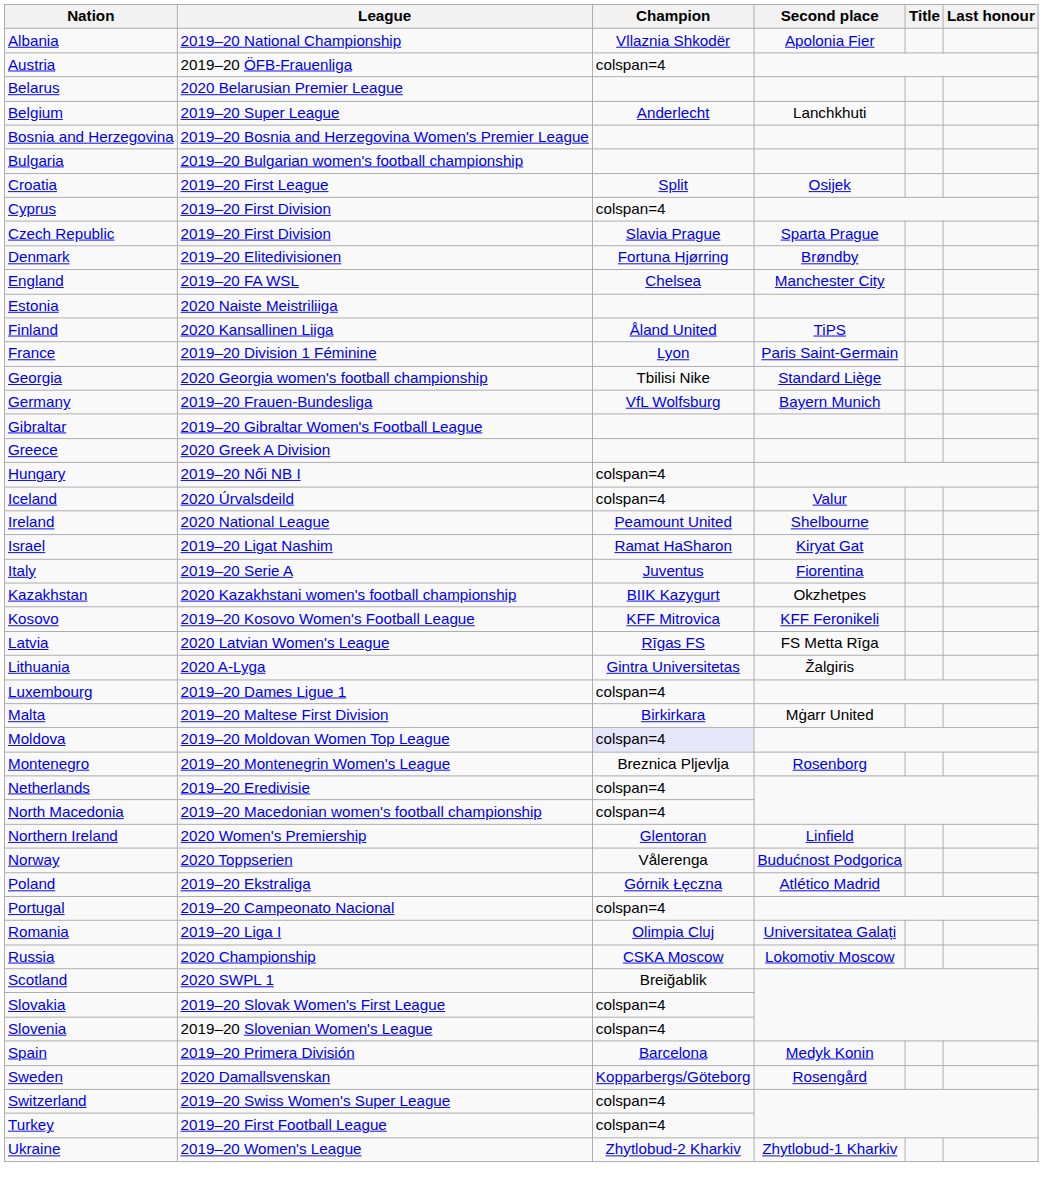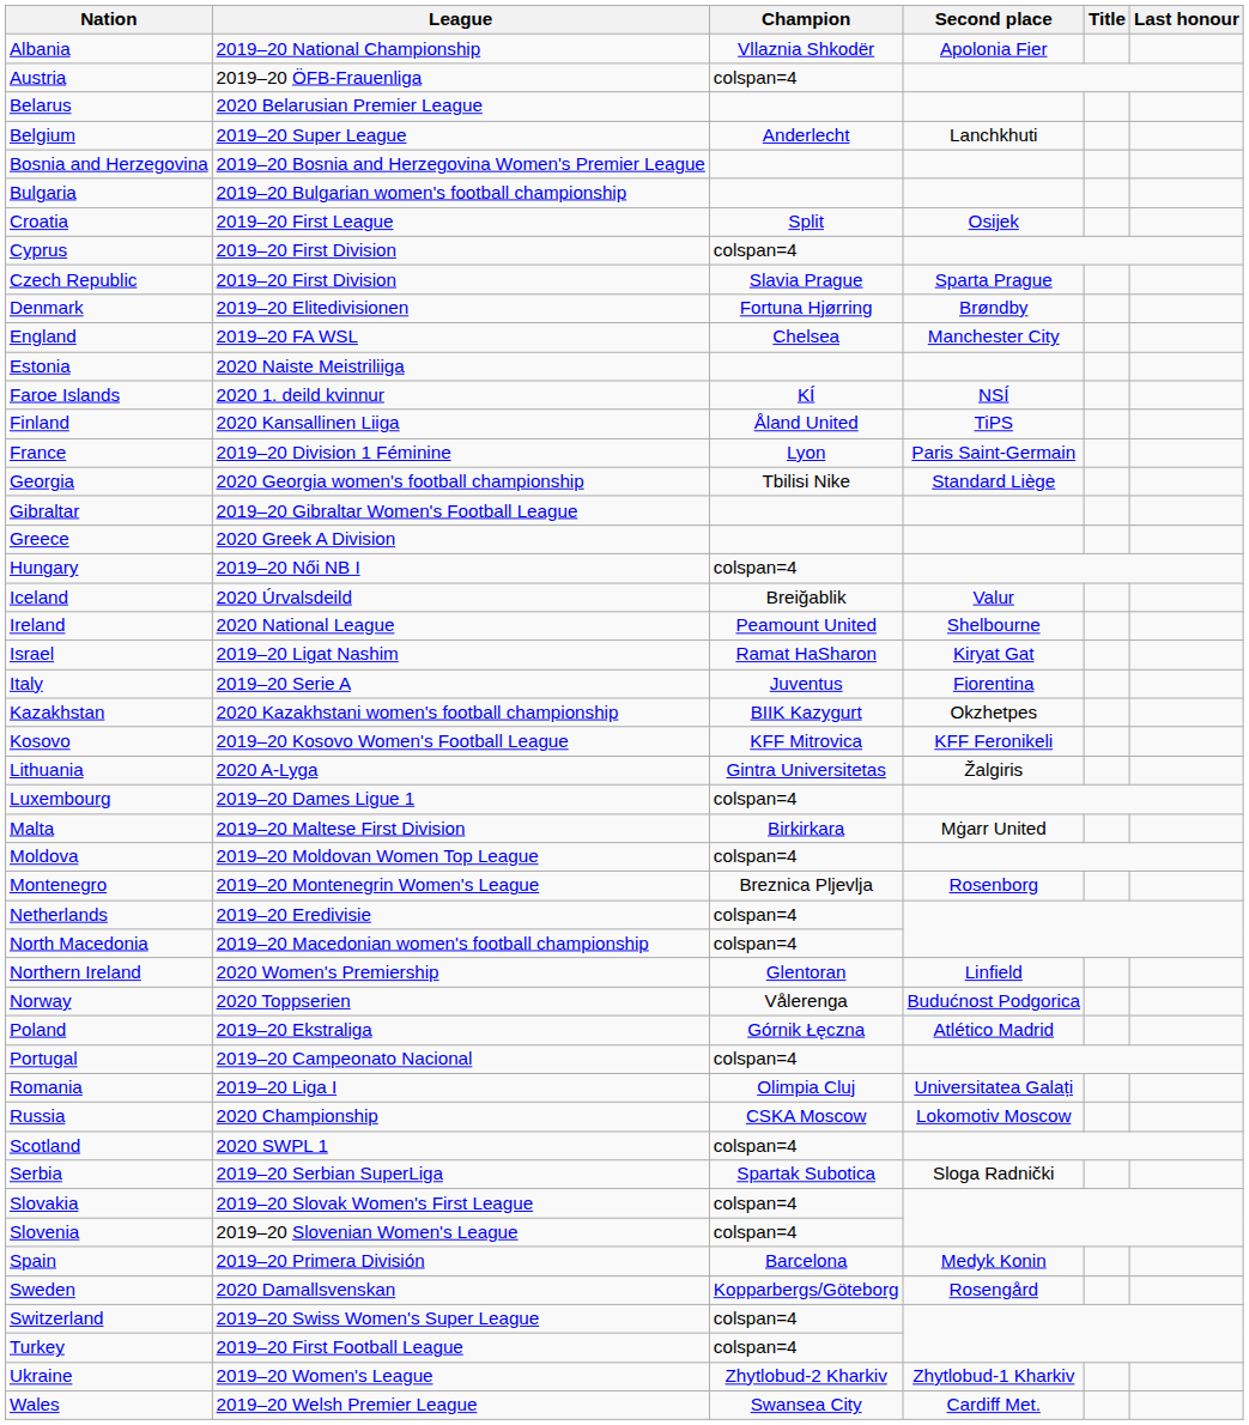 <table class="wikitable sortable">
 <tr>
 <th>Nation</th>
 <th>League</th>
 <th>Champion</th>
 <th>Second place</th>
 <th data-sort-type="number">Title</th>
 <th>Last honour</th>
 </tr>
 <tr>
 <td> <a href='#'>Albania</a></td>
 <td><a href='#'>2019–20 National Championship</a></td>
 <td align=center><a href='#'>Vllaznia Shkodër</a></td>
 <td align=center><a href='#'>Apolonia Fier</a></td>
 <td></td>
 <td></td>
 </tr>
 <tr>
 <td> <a href='#'>Austria</a></td>
 <td>2019–20 <a href='#'>ÖFB-Frauenliga</a></td>
 <td>colspan=4 </td>
 </tr>
 <tr>
 <td> <a href='#'>Belarus</a></td>
 <td><a href='#'>2020 Belarusian Premier League</a></td>
 <td></td>
 <td></td>
 <td></td>
 <td></td>
 </tr>
 <tr>
 <td> <a href='#'>Belgium</a></td>
 <td><a href='#'>2019–20 Super League</a></td>
 <td align=center><a href='#'>Anderlecht</a></td>
 <td align=center>Lanchkhuti</td>
 <td></td>
 <td></td>
 </tr>
 <tr>
 <td> <a href='#'>Bosnia and Herzegovina</a></td>
 <td><a href='#'>2019–20 Bosnia and Herzegovina Women's Premier League</a></td>
 <td></td>
 <td></td>
 <td></td>
 <td></td>
 </tr>
 <tr>
 <td> <a href='#'>Bulgaria</a></td>
 <td><a href='#'>2019–20 Bulgarian women's football championship</a></td>
 <td></td>
 <td></td>
 <td></td>
 <td></td>
 </tr>
 <tr>
 <td> <a href='#'>Croatia</a></td>
 <td><a href='#'>2019–20 First League</a></td>
 <td align=center><a href='#'>Split</a></td>
 <td align=center><a href='#'>Osijek</a></td>
 <td></td>
 <td></td>
 </tr>
 <tr>
 <td> <a href='#'>Cyprus</a></td>
 <td><a href='#'>2019–20 First Division</a></td>
 <td>colspan=4 </td>
 </tr>
 <tr>
 <td> <a href='#'>Czech Republic</a></td>
 <td><a href='#'>2019–20 First Division</a></td>
 <td align=center><a href='#'>Slavia Prague</a></td>
 <td align=center><a href='#'>Sparta Prague</a></td>
 <td></td>
 <td></td>
 </tr>
 <tr>
 <td> <a href='#'>Denmark</a></td>
 <td><a href='#'>2019–20 Elitedivisionen</a></td>
 <td align=center><a href='#'>Fortuna Hjørring</a></td>
 <td align=center><a href='#'>Brøndby</a></td>
 <td></td>
 <td></td>
 </tr>
 <tr>
 <td> <a href='#'>England</a></td>
 <td><a href='#'>2019–20 FA WSL</a></td>
 <td align=center><a href='#'>Chelsea</a></td>
 <td align=center><a href='#'>Manchester City</a></td>
 <td></td>
 <td></td>
 </tr>
 <tr>
 <td align=left> <a href='#'>Estonia</a></td>
 <td align=left><a href='#'>2020 Naiste Meistriliiga</a></td>
 <td></td>
 <td></td>
 <td></td>
 <td></td>
 </tr>
 <tr>
+<td> <a href='#'>Faroe Islands</a></td>
+<td><a href='#'>2020 1. deild kvinnur</a></td>
+<td align=center><a href='#'>KÍ</a></td>
+<td align=center><a href='#'>NSÍ</a></td>
+<td></td>
+<td></td>
+</tr>
+<tr>
 <td> <a href='#'>Finland</a></td>
 <td><a href='#'>2020 Kansallinen Liiga</a></td>
 <td align=center><a href='#'>Åland United</a></td>
 <td align=center><a href='#'>TiPS</a></td>
 <td></td>
 <td></td>
 </tr>
 <tr>
 <td> <a href='#'>France</a></td>
 <td><a href='#'>2019–20 Division 1 Féminine</a></td>
 <td align=center><a href='#'>Lyon</a></td>
 <td align=center><a href='#'>Paris Saint-Germain</a></td>
 <td></td>
 <td></td>
 </tr>
 <tr>
 <td> <a href='#'>Georgia</a></td>
 <td><a href='#'>2020 Georgia women's football championship</a></td>
 <td align=center>Tbilisi Nike</td>
 <td align=center><a href='#'>Standard Liège</a></td>
-<td></td>
-<td></td>
-</tr>
-<tr>
-<td> <a href='#'>Germany</a></td>
-<td><a href='#'>2019–20 Frauen-Bundesliga</a></td>
-<td align=center><a href='#'>VfL Wolfsburg</a></td>
-<td align=center><a href='#'>Bayern Munich</a></td>
 <td></td>
 <td></td>
 </tr>
 <tr>
 <td> <a href='#'>Gibraltar</a></td>
 <td><a href='#'>2019–20 Gibraltar Women's Football League</a></td>
 <td></td>
 <td></td>
 <td></td>
 <td></td>
 </tr>
 <tr>
 <td> <a href='#'>Greece</a></td>
 <td><a href='#'>2020 Greek A Division</a></td>
 <td></td>
 <td></td>
 <td></td>
 <td></td>
 </tr>
 <tr>
 <td> <a href='#'>Hungary</a></td>
 <td><a href='#'>2019–20 Női NB I</a></td>
 <td>colspan=4 </td>
 </tr>
 <tr>
 <td> <a href='#'>Iceland</a></td>
 <td><a href='#'>2020 Úrvalsdeild</a></td>
-<td>colspan=4 </td>
+<td align=center>Breiğablik</td>
 <td align=center><a href='#'>Valur</a></td>
 <td></td>
 <td></td>
 </tr>
 <tr>
 <td> <a href='#'>Ireland</a></td>
 <td><a href='#'>2020 National League</a></td>
 <td align=center><a href='#'>Peamount United</a></td>
 <td align=center><a href='#'>Shelbourne</a></td>
 <td></td>
 <td></td>
 </tr>
 <tr>
 <td> <a href='#'>Israel</a></td>
 <td><a href='#'>2019–20 Ligat Nashim</a></td>
 <td align=center><a href='#'>Ramat HaSharon</a></td>
 <td align=center><a href='#'>Kiryat Gat</a></td>
 <td></td>
 <td></td>
 </tr>
 <tr>
 <td> <a href='#'>Italy</a></td>
 <td><a href='#'>2019–20 Serie A</a></td>
 <td align=center><a href='#'>Juventus</a></td>
 <td align=center><a href='#'>Fiorentina</a></td>
 <td></td>
 <td></td>
 </tr>
 <tr>
 <td> <a href='#'>Kazakhstan</a></td>
 <td><a href='#'>2020 Kazakhstani women's football championship</a></td>
 <td align=center><a href='#'>BIIK Kazygurt</a></td>
 <td align=center>Okzhetpes</td>
 <td></td>
 <td></td>
 </tr>
 <tr>
 <td> <a href='#'>Kosovo</a></td>
 <td><a href='#'>2019–20 Kosovo Women's Football League</a></td>
 <td align=center><a href='#'>KFF Mitrovica</a></td>
 <td align=center><a href='#'>KFF Feronikeli</a></td>
 <td></td>
 <td></td>
 </tr>
 <tr>
-<td> <a href='#'>Latvia</a></td>
-<td><a href='#'>2020 Latvian Women's League</a></td>
-<td align=center><a href='#'>Rīgas FS</a></td>
-<td align=center>FS Metta Rīga</td>
-<td></td>
-<td></td>
-</tr>
-<tr>
 <td> <a href='#'>Lithuania</a></td>
 <td><a href='#'>2020 A-Lyga</a></td>
 <td align=center><a href='#'>Gintra Universitetas</a></td>
 <td align=center>Žalgiris</td>
 <td></td>
 <td></td>
 </tr>
 <tr>
 <td> <a href='#'>Luxembourg</a></td>
 <td><a href='#'>2019–20 Dames Ligue 1</a></td>
 <td>colspan=4 </td>
 </tr>
 <tr>
 <td> <a href='#'>Malta</a></td>
 <td><a href='#'>2019–20 Maltese First Division</a></td>
 <td align=center><a href='#'>Birkirkara</a></td>
 <td align=center>Mġarr United</td>
 <td></td>
 <td></td>
 </tr>
 <tr>
 <td> <a href='#'>Moldova</a></td>
 <td><a href='#'>2019–20 Moldovan Women Top League</a></td>
-<td style="background: lavender;">colspan=4 </td>
+<td>colspan=4 </td>
 </tr>
 <tr>
 <td> <a href='#'>Montenegro</a></td>
 <td><a href='#'>2019–20 Montenegrin Women's League</a></td>
 <td align=center>Breznica Pljevlja</td>
 <td align=center><a href='#'>Rosenborg</a></td>
 <td></td>
 <td></td>
 </tr>
 <tr>
 <td> <a href='#'>Netherlands</a></td>
 <td><a href='#'>2019–20 Eredivisie</a></td>
 <td>colspan=4 </td>
 </tr>
 <tr>
 <td> <a href='#'>North Macedonia</a></td>
 <td><a href='#'>2019–20 Macedonian women's football championship</a></td>
 <td>colspan=4 </td>
 </tr>
 <tr>
 <td> <a href='#'>Northern Ireland</a></td>
 <td><a href='#'>2020 Women's Premiership</a></td>
 <td align=center><a href='#'>Glentoran</a></td>
 <td align=center><a href='#'>Linfield</a></td>
 <td></td>
 <td></td>
 </tr>
 <tr>
 <td> <a href='#'>Norway</a></td>
 <td><a href='#'>2020 Toppserien</a></td>
 <td align=center>Vålerenga</td>
 <td align=center><a href='#'>Budućnost Podgorica</a></td>
 <td></td>
 <td></td>
 </tr>
 <tr>
 <td> <a href='#'>Poland</a></td>
 <td><a href='#'>2019–20 Ekstraliga</a></td>
 <td align=center><a href='#'>Górnik Łęczna</a></td>
 <td align=center><a href='#'>Atlético Madrid</a></td>
 <td></td>
 <td></td>
 </tr>
 <tr>
 <td> <a href='#'>Portugal</a></td>
 <td><a href='#'>2019–20 Campeonato Nacional</a></td>
 <td>colspan=4 </td>
 </tr>
 <tr>
 <td> <a href='#'>Romania</a></td>
 <td><a href='#'>2019–20 Liga I</a></td>
 <td align=center><a href='#'>Olimpia Cluj</a></td>
 <td align=center><a href='#'>Universitatea Galați</a></td>
 <td></td>
 <td></td>
 </tr>
 <tr>
 <td> <a href='#'>Russia</a></td>
 <td><a href='#'>2020 Championship</a></td>
 <td align=center><a href='#'>CSKA Moscow</a></td>
 <td align=center><a href='#'>Lokomotiv Moscow</a></td>
 <td></td>
 <td></td>
 </tr>
 <tr>
 <td> <a href='#'>Scotland</a></td>
 <td><a href='#'>2020 SWPL 1</a></td>
-<td align=center>Breiğablik</td>
+<td>colspan=4 </td>
+</tr>
+<tr>
+<td> <a href='#'>Serbia</a></td>
+<td><a href='#'>2019–20 Serbian SuperLiga</a></td>
+<td align=center><a href='#'>Spartak Subotica</a></td>
+<td align=center>Sloga Radnički</td>
+<td></td>
+<td></td>
 </tr>
 <tr>
 <td> <a href='#'>Slovakia</a></td>
 <td><a href='#'>2019–20 Slovak Women's First League</a></td>
 <td>colspan=4 </td>
 </tr>
 <tr>
 <td> <a href='#'>Slovenia</a></td>
 <td>2019–20 <a href='#'>Slovenian Women's League</a></td>
 <td>colspan=4 </td>
 </tr>
 <tr>
 <td> <a href='#'>Spain</a></td>
 <td><a href='#'>2019–20 Primera División</a></td>
 <td align=center><a href='#'>Barcelona</a></td>
 <td align=center><a href='#'>Medyk Konin</a></td>
 <td></td>
 <td></td>
 </tr>
 <tr>
 <td> <a href='#'>Sweden</a></td>
 <td><a href='#'>2020 Damallsvenskan</a></td>
 <td align=center><a href='#'>Kopparbergs/Göteborg</a></td>
 <td align=center><a href='#'>Rosengård</a></td>
 <td></td>
 <td></td>
 </tr>
 <tr>
 <td> <a href='#'>Switzerland</a></td>
 <td><a href='#'>2019–20 Swiss Women's Super League</a></td>
 <td>colspan=4 </td>
 </tr>
 <tr>
 <td> <a href='#'>Turkey</a></td>
 <td><a href='#'>2019–20 First Football League</a></td>
 <td>colspan=4 </td>
 </tr>
 <tr>
 <td> <a href='#'>Ukraine</a></td>
 <td><a href='#'>2019–20 Women's League</a></td>
 <td align=center><a href='#'>Zhytlobud-2 Kharkiv</a></td>
 <td align=center><a href='#'>Zhytlobud-1 Kharkiv</a></td>
 <td></td>
 <td></td>
 </tr>
+<tr>
+<td> <a href='#'>Wales</a></td>
+<td><a href='#'>2019–20 Welsh Premier League</a></td>
+<td align=center><a href='#'>Swansea City</a></td>
+<td align=center><a href='#'>Cardiff Met.</a></td>
+<td></td>
+<td></td>
+</tr>
 </table>
